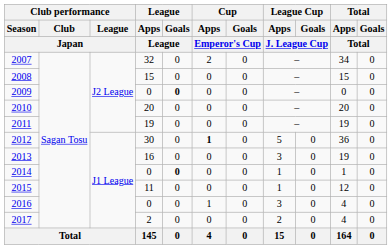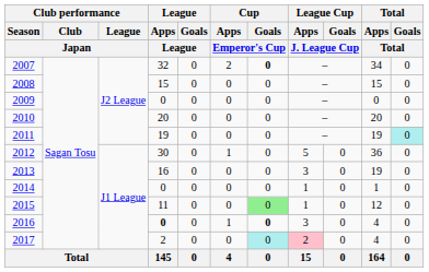 <table class="wikitable" style="text-align:center;">
 <tr>
 <th colspan=3>Club performance</th>
 <th colspan=2>League</th>
 <th colspan=2>Cup</th>
 <th colspan=2>League Cup</th>
 <th colspan=2>Total</th>
 </tr>
 <tr>
 <th>Season</th>
 <th>Club</th>
 <th>League</th>
 <th>Apps</th>
 <th>Goals</th>
 <th>Apps</th>
 <th>Goals</th>
 <th>Apps</th>
 <th>Goals</th>
 <th>Apps</th>
 <th>Goals</th>
 </tr>
 <tr>
 <th colspan=3>Japan</th>
 <th colspan=2>League</th>
 <th colspan=2><a href='#'>Emperor's Cup</a></th>
 <th colspan=2><a href='#'>J. League Cup</a></th>
 <th colspan=2>Total</th>
 </tr>
 <tr>
 <td><a href='#'>2007</a></td>
 <td rowspan="11"><a href='#'>Sagan Tosu</a></td>
 <td rowspan="5"><a href='#'>J2 League</a></td>
 <td>32</td>
 <td>0</td>
 <td>2</td>
-<td>0</td>
+<td><strong>0</strong></td>
 <td colspan="2">–</td>
 <td>34</td>
 <td>0</td>
 </tr>
 <tr>
 <td><a href='#'>2008</a></td>
 <td>15</td>
 <td>0</td>
 <td>0</td>
 <td>0</td>
 <td colspan="2">–</td>
 <td>15</td>
 <td>0</td>
 </tr>
 <tr>
 <td><a href='#'>2009</a></td>
 <td>0</td>
-<td><strong>0</strong></td>
+<td>0</td>
 <td>0</td>
 <td>0</td>
 <td colspan="2">–</td>
 <td>0</td>
 <td>0</td>
 </tr>
 <tr>
 <td><a href='#'>2010</a></td>
 <td>20</td>
 <td>0</td>
 <td>0</td>
 <td>0</td>
 <td colspan="2">–</td>
 <td>20</td>
 <td>0</td>
 </tr>
 <tr>
 <td><a href='#'>2011</a></td>
 <td>19</td>
 <td>0</td>
 <td>0</td>
 <td>0</td>
 <td colspan="2">–</td>
 <td>19</td>
-<td>0</td>
+<td style="background: paleturquoise;">0</td>
 </tr>
 <tr>
 <td><a href='#'>2012</a></td>
 <td rowspan="6"><a href='#'>J1 League</a></td>
 <td>30</td>
 <td>0</td>
-<td><strong>1</strong></td>
+<td>1</td>
 <td>0</td>
 <td>5</td>
 <td>0</td>
 <td>36</td>
 <td>0</td>
 </tr>
 <tr>
 <td><a href='#'>2013</a></td>
 <td>16</td>
 <td>0</td>
 <td>0</td>
 <td>0</td>
 <td>3</td>
 <td>0</td>
 <td>19</td>
 <td>0</td>
 </tr>
 <tr>
 <td><a href='#'>2014</a></td>
 <td>0</td>
-<td><strong>0</strong></td>
+<td>0</td>
 <td>0</td>
 <td>0</td>
 <td>1</td>
 <td>0</td>
 <td>1</td>
 <td>0</td>
 </tr>
 <tr>
 <td><a href='#'>2015</a></td>
 <td>11</td>
 <td>0</td>
 <td>0</td>
-<td>0</td>
+<td style="background: lightgreen;">0</td>
 <td>1</td>
 <td>0</td>
 <td>12</td>
 <td>0</td>
 </tr>
 <tr>
 <td><a href='#'>2016</a></td>
-<td>0</td>
+<td><strong>0</strong></td>
 <td>0</td>
 <td>1</td>
-<td>0</td>
+<td><strong>0</strong></td>
 <td>3</td>
 <td>0</td>
 <td>4</td>
 <td>0</td>
 </tr>
 <tr>
 <td><a href='#'>2017</a></td>
 <td>2</td>
 <td>0</td>
 <td>0</td>
-<td>0</td>
-<td>2</td>
+<td style="background: paleturquoise;">0</td>
+<td style="background: pink;">2</td>
 <td>0</td>
 <td>4</td>
 <td>0</td>
 </tr>
 <tr>
 <th colspan=3>Total</th>
 <th>145</th>
 <th>0</th>
 <th>4</th>
 <th>0</th>
 <th>15</th>
 <th>0</th>
 <th>164</th>
 <th>0</th>
 </tr>
 </table>
